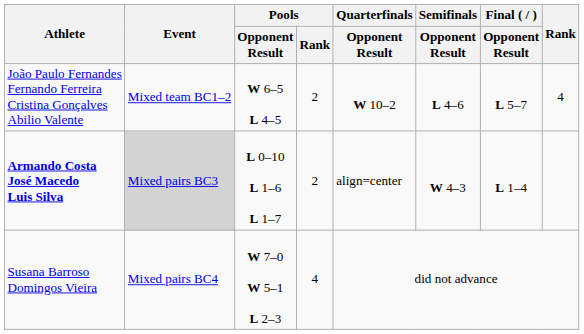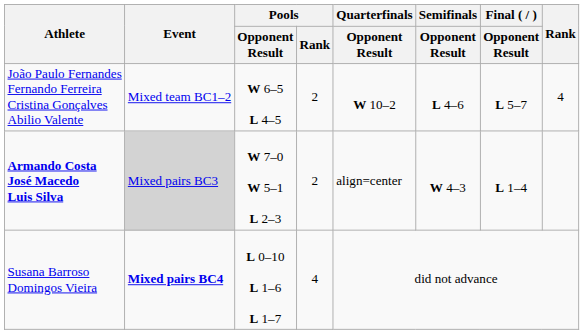 <table class="wikitable" style="font-size:90%;">
 <tr>
 <th rowspan=2>Athlete</th>
 <th rowspan=2>Event</th>
 <th colspan=2>Pools</th>
 <th>Quarterfinals</th>
 <th>Semifinals</th>
 <th>Final ( / )</th>
 <th rowspan=2>Rank</th>
 </tr>
 <tr>
 <th>Opponent<br>Result</th>
 <th>Rank</th>
 <th>Opponent<br>Result</th>
 <th>Opponent<br>Result</th>
 <th>Opponent<br>Result</th>
 </tr>
 <tr>
 <td><a href='#'>João Paulo Fernandes</a><br><a href='#'>Fernando Ferreira</a><br><a href='#'>Cristina Gonçalves</a><br><a href='#'>Abilio Valente</a></td>
 <td><a href='#'>Mixed team BC1–2</a></td>
 <td align=center><br><strong>W</strong> 6–5<br><br><strong>L</strong> 4–5</td>
 <td align=center>2</td>
 <td align=center><br><strong>W</strong> 10–2</td>
 <td align=center><br><strong>L</strong> 4–6</td>
 <td align=center><br><strong>L</strong> 5–7</td>
 <td align=center>4</td>
 </tr>
 <tr>
 <td><strong><a href='#'>Armando Costa</a><br><a href='#'>José Macedo</a><br><a href='#'>Luis Silva</a></strong></td>
 <td style="background: lightgrey;"><a href='#'>Mixed pairs BC3</a></td>
-<td align=center><br><strong>L</strong> 0–10<br><br><strong>L</strong> 1–6<br><br><strong>L</strong> 1–7</td>
+<td align=center><br><strong>W</strong> 7–0<br><br><strong>W</strong> 5–1<br><br><strong>L</strong> 2–3</td>
 <td align=center>2</td>
 <td>align=center </td>
 <td align=center><br><strong>W</strong> 4–3</td>
 <td align=center><br><strong>L</strong> 1–4</td>
 <td align=center></td>
 </tr>
 <tr>
 <td><a href='#'>Susana Barroso</a><br><a href='#'>Domingos Vieira</a></td>
-<td><a href='#'>Mixed pairs BC4</a></td>
-<td align=center><br><strong>W</strong> 7–0<br><br><strong>W</strong> 5–1<br><br><strong>L</strong> 2–3</td>
+<td><strong><a href='#'>Mixed pairs BC4</a></strong></td>
+<td align=center><br><strong>L</strong> 0–10<br><br><strong>L</strong> 1–6<br><br><strong>L</strong> 1–7</td>
 <td align=center>4</td>
 <td align=center colspan=4>did not advance</td>
 </tr>
 </table>
